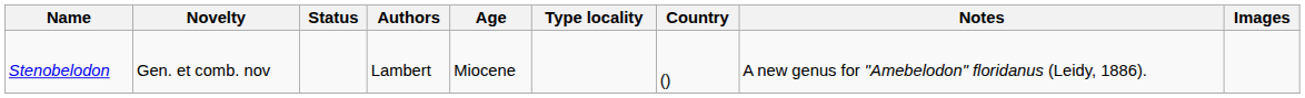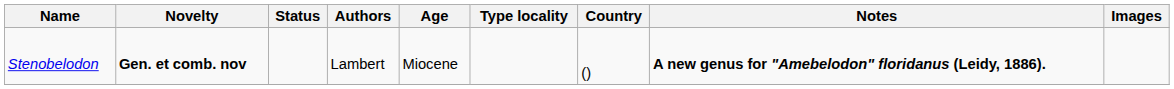 <table class="wikitable sortable" align="center" width="80%">
 <tr>
 <th>Name</th>
 <th>Novelty</th>
 <th>Status</th>
 <th>Authors</th>
 <th>Age</th>
 <th>Type locality</th>
 <th>Country</th>
 <th>Notes</th>
 <th>Images</th>
 </tr>
 <tr>
 <td><br><em><a href='#'>Stenobelodon</a></em></td>
-<td><br>Gen. et comb. nov</td>
+<td><strong><br>Gen. et comb. nov</strong></td>
 <td></td>
 <td><br>Lambert</td>
 <td><br>Miocene</td>
 <td></td>
 <td><br><br>()</td>
-<td><br>A new genus for <em>"Amebelodon" floridanus</em> (Leidy, 1886).</td>
+<td><strong><br>A new genus for <em>"Amebelodon" floridanus</em> (Leidy, 1886).</strong></td>
 <td></td>
 </tr>
 <tr>
 </tr>
 </table>
